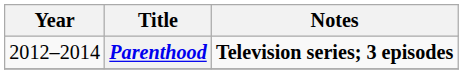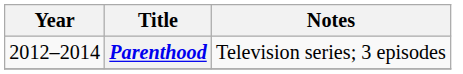 <table class="wikitable plainrowheaders sortable">
 <tr>
 <th scope="col">Year</th>
 <th scope="col">Title</th>
 <th scope="col" class="unsortable">Notes</th>
 </tr>
 <tr>
 <td>2012–2014</td>
 <th scope="row"><em><a href='#'>Parenthood</a></em></th>
-<td><strong>Television series; 3 episodes</strong></td>
+<td>Television series; 3 episodes</td>
 </tr>
 <tr>
 </tr>
 </table>
